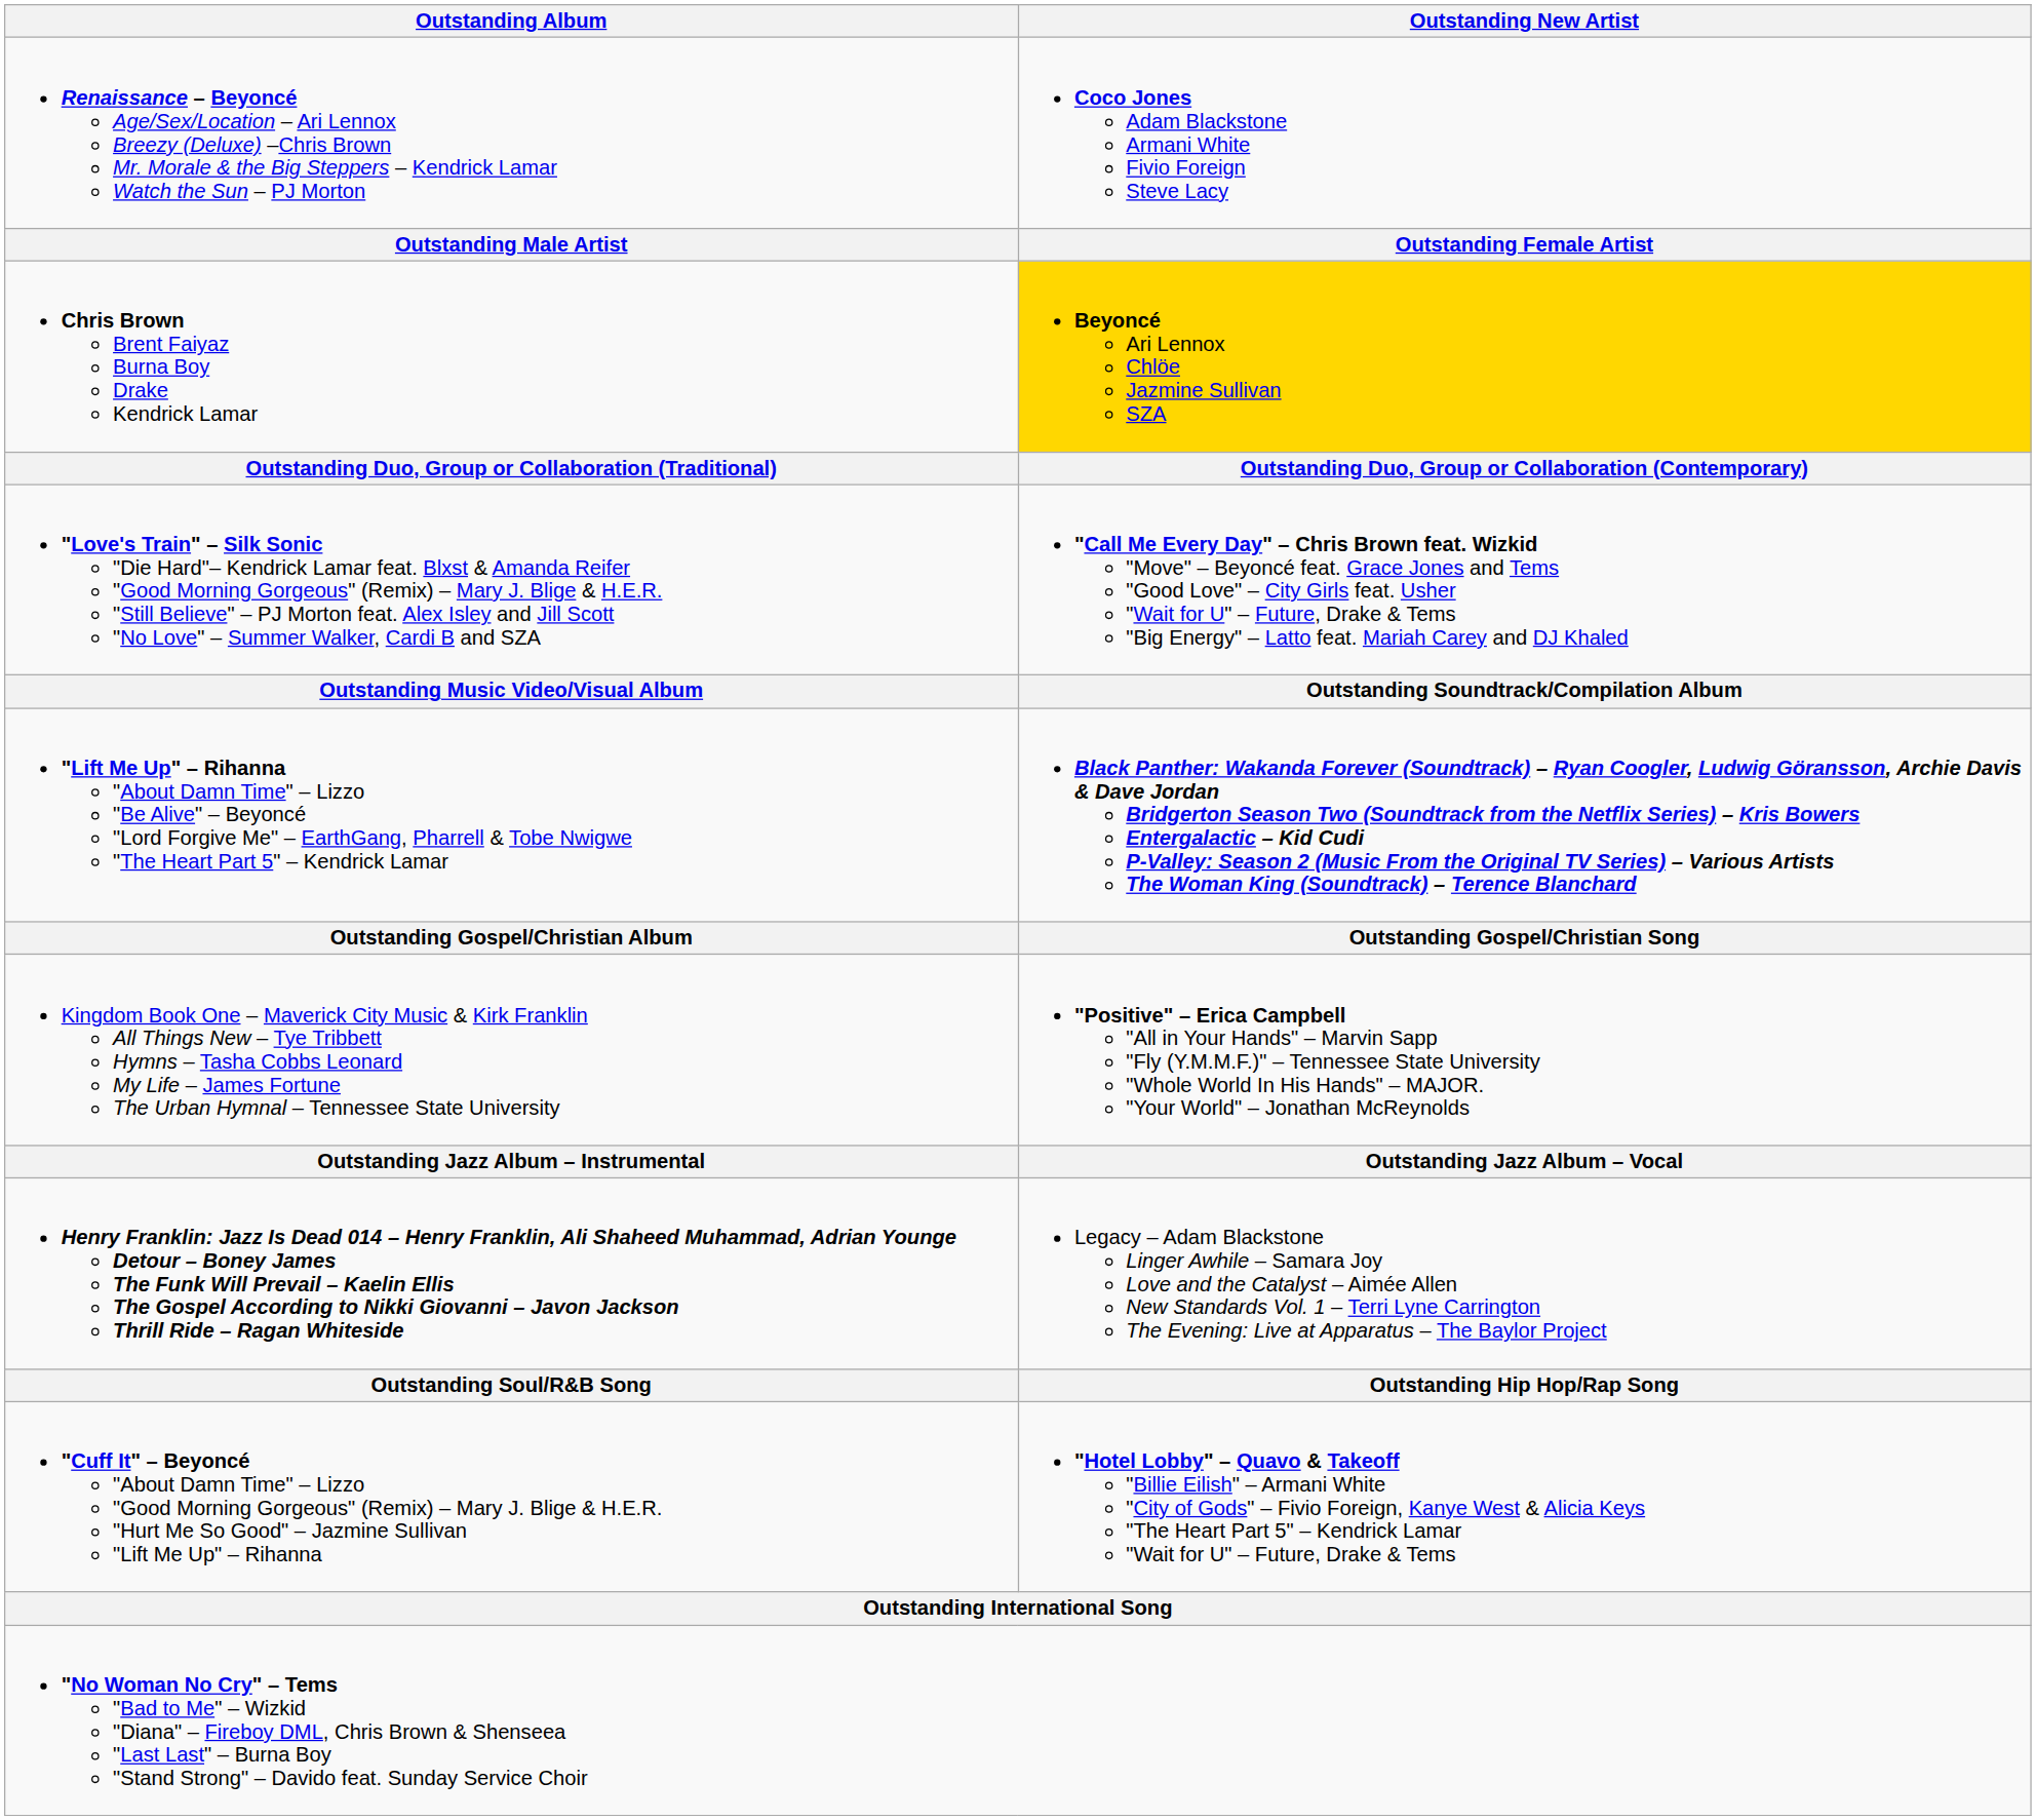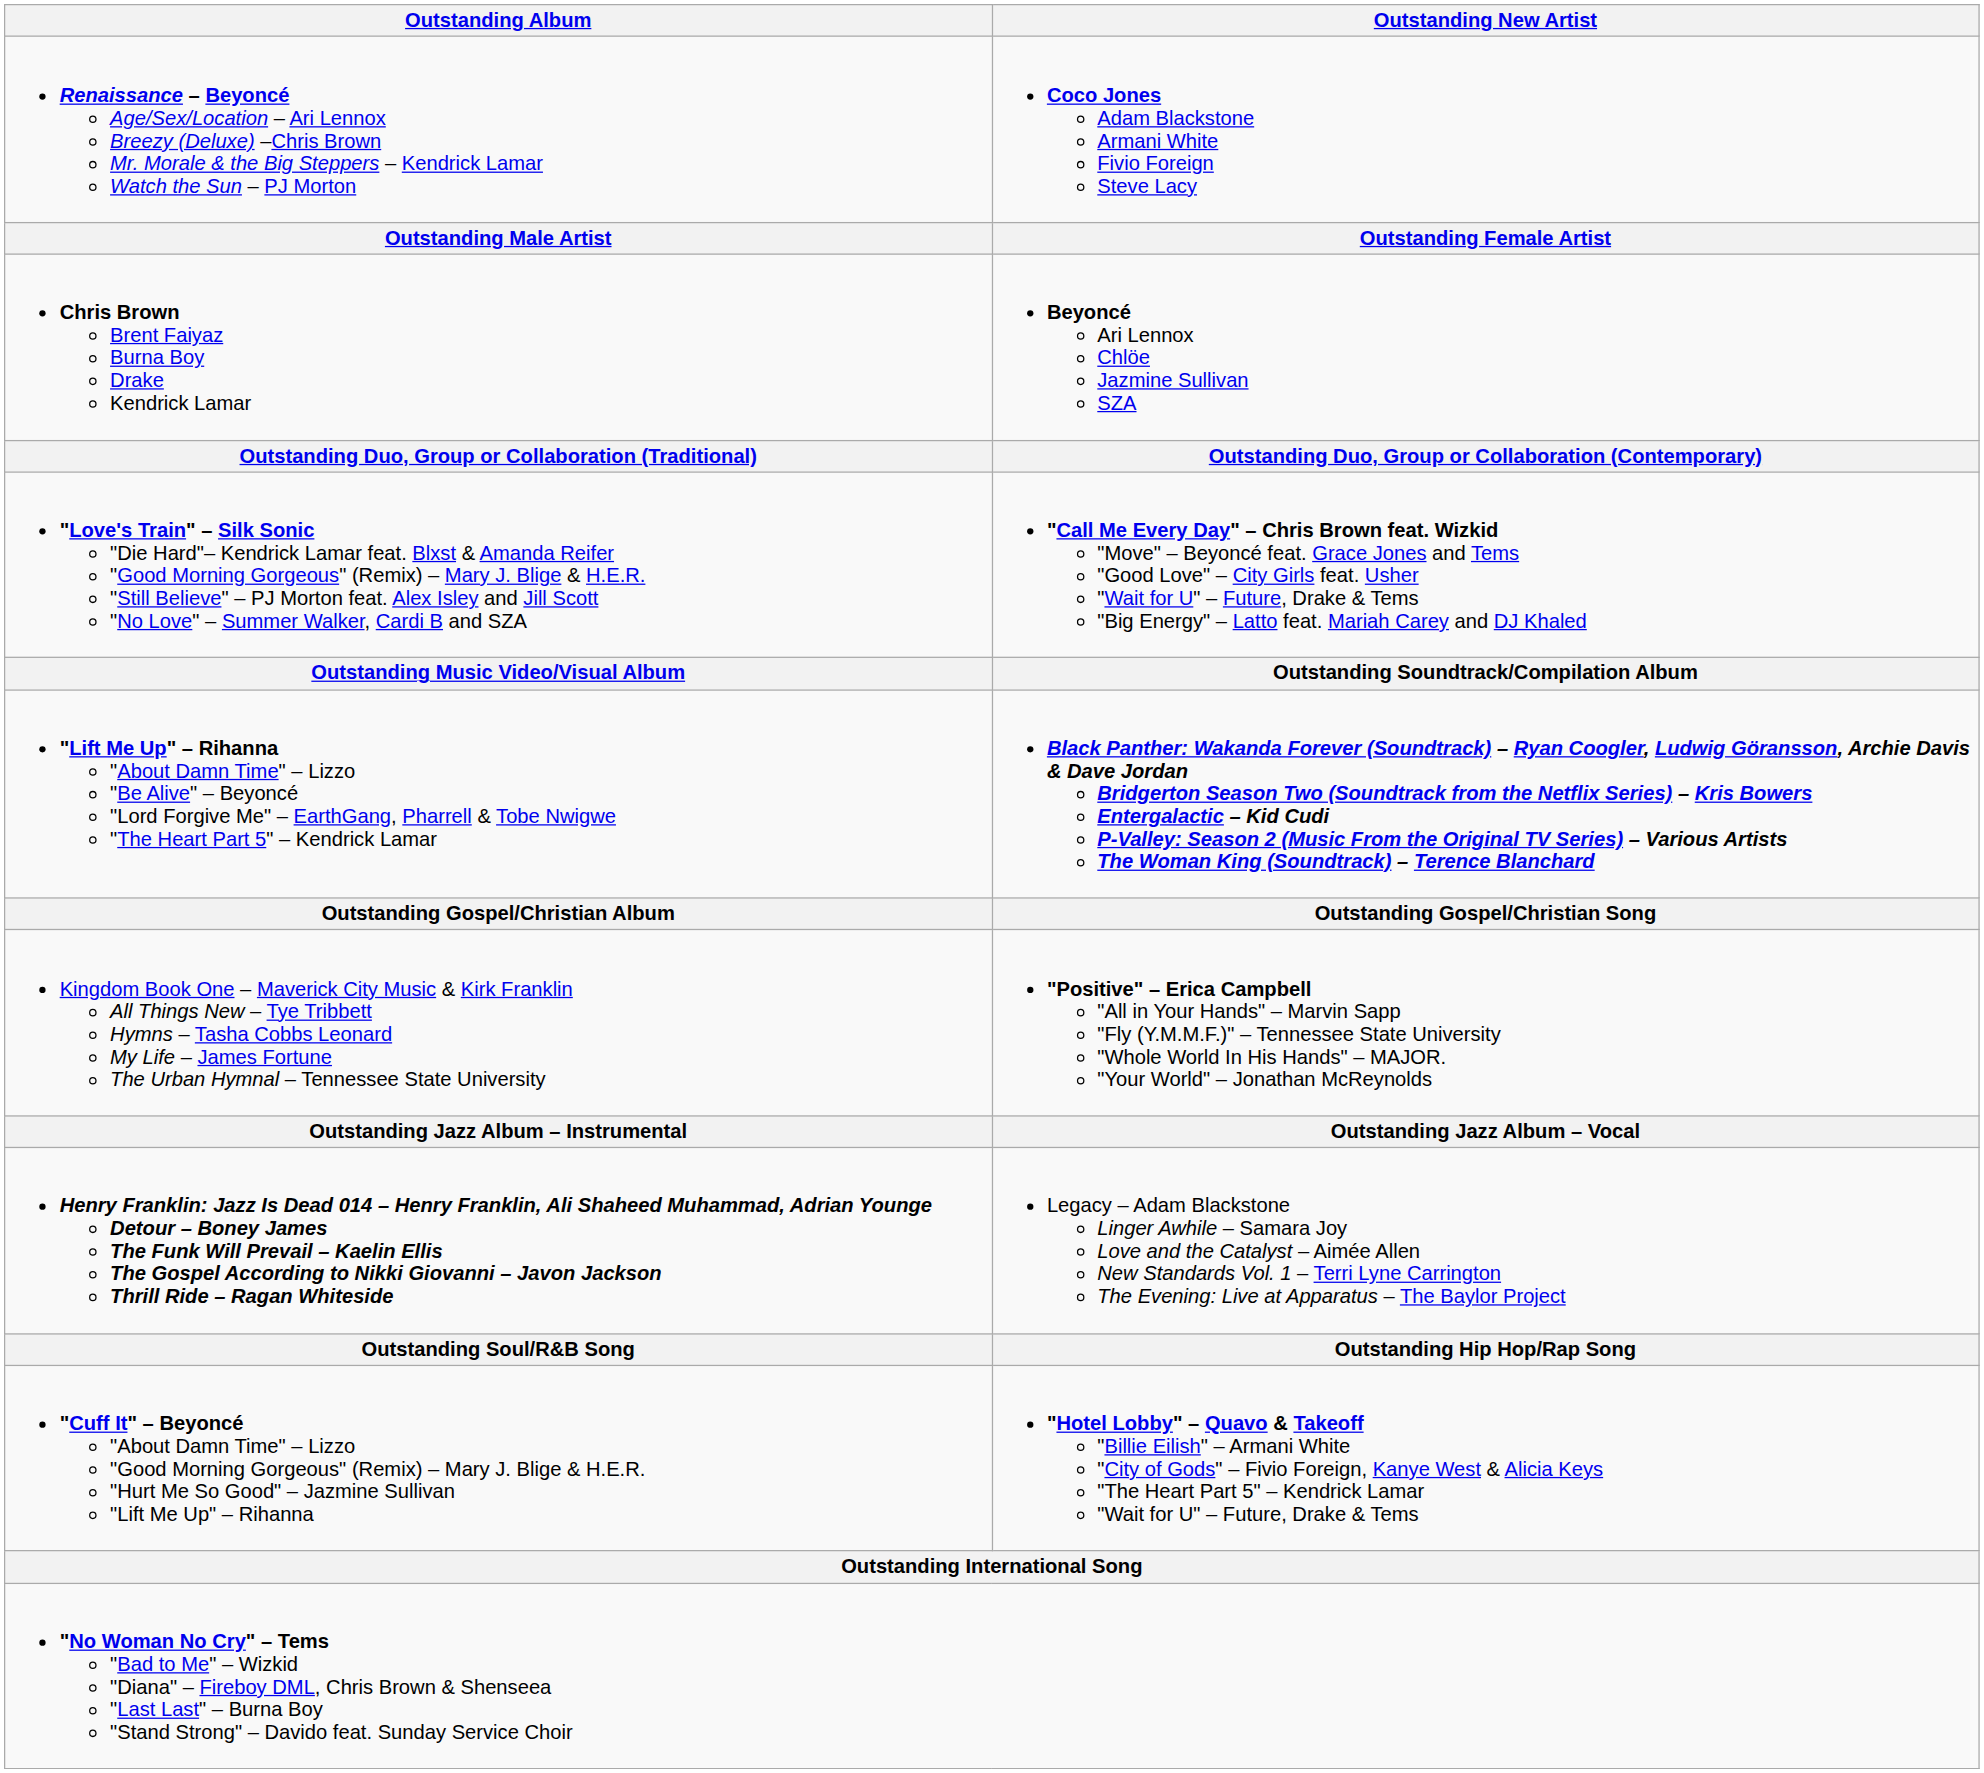 <table class="wikitable">
 <tr>
 <th style="width=50%"><a href='#'>Outstanding Album</a></th>
 <th style="width=50%"><a href='#'>Outstanding New Artist</a></th>
 </tr>
 <tr>
 <td valign="top" width="50%"><br><ul><li><strong><a href='#'><em>Renaissance</em></a> – <a href='#'>Beyoncé</a></strong><ul><li><a href='#'><em>Age/Sex/Location</em></a> – <a href='#'>Ari Lennox</a></li><li><a href='#'><em>Breezy (Deluxe)</em></a> –<a href='#'>Chris Brown</a></li><li><em><a href='#'>Mr. Morale & the Big Steppers</a></em> – <a href='#'>Kendrick Lamar</a></li><li><em><a href='#'>Watch the Sun</a></em> – <a href='#'>PJ Morton</a></li></ul></li></ul></td>
 <td valign="top" width="50%"><br><ul><li><strong><a href='#'>Coco Jones</a></strong><ul><li><a href='#'>Adam Blackstone</a></li><li><a href='#'>Armani White</a></li><li><a href='#'>Fivio Foreign</a></li><li><a href='#'>Steve Lacy</a></li></ul></li></ul></td>
 </tr>
 <tr>
 <th style="width=50%"><a href='#'>Outstanding Male Artist</a></th>
 <th style="width=50%"><a href='#'>Outstanding Female Artist</a></th>
 </tr>
 <tr>
 <td valign="top" width="50%"><br><ul><li><strong>Chris Brown</strong><ul><li><a href='#'>Brent Faiyaz</a></li><li><a href='#'>Burna Boy</a></li><li><a href='#'>Drake</a></li><li>Kendrick Lamar</li></ul></li></ul></td>
-<td valign="top" width="50%" style="background: gold;"><br><ul><li><strong>Beyoncé</strong><ul><li>Ari Lennox</li><li><a href='#'>Chlöe</a></li><li><a href='#'>Jazmine Sullivan</a></li><li><a href='#'>SZA</a></li></ul></li></ul></td>
+<td valign="top" width="50%"><br><ul><li><strong>Beyoncé</strong><ul><li>Ari Lennox</li><li><a href='#'>Chlöe</a></li><li><a href='#'>Jazmine Sullivan</a></li><li><a href='#'>SZA</a></li></ul></li></ul></td>
 </tr>
 <tr>
 <th style="width=50%"><a href='#'>Outstanding Duo, Group or Collaboration (Traditional)</a></th>
 <th style="width=50%"><a href='#'>Outstanding Duo, Group or Collaboration (Contemporary)</a></th>
 </tr>
 <tr>
 <td valign="top" width="50%"><br><ul><li><strong>"<a href='#'>Love's Train</a>" – <a href='#'>Silk Sonic</a></strong><ul><li>"Die Hard"– Kendrick Lamar feat. <a href='#'>Blxst</a> & <a href='#'>Amanda Reifer</a></li><li>"<a href='#'>Good Morning Gorgeous</a>" (Remix) – <a href='#'>Mary J. Blige</a> & <a href='#'>H.E.R.</a></li><li>"<a href='#'>Still Believe</a>" – PJ Morton feat. <a href='#'>Alex Isley</a> and <a href='#'>Jill Scott</a></li><li>"<a href='#'>No Love</a>" – <a href='#'>Summer Walker</a>, <a href='#'>Cardi B</a> and SZA</li></ul></li></ul></td>
 <td valign="top" width="50%"><br><ul><li><strong>"<a href='#'>Call Me Every Day</a>" – Chris Brown feat. Wizkid</strong><ul><li>"Move" – Beyoncé feat. <a href='#'>Grace Jones</a> and <a href='#'>Tems</a></li><li>"Good Love" – <a href='#'>City Girls</a> feat. <a href='#'>Usher</a></li><li>"<a href='#'>Wait for U</a>" – <a href='#'>Future</a>, Drake & Tems</li><li>"Big Energy" – <a href='#'>Latto</a> feat. <a href='#'>Mariah Carey</a> and <a href='#'>DJ Khaled</a></li></ul></li></ul></td>
 </tr>
 <tr>
 <th style="width=50%"><a href='#'>Outstanding Music Video/Visual Album</a></th>
 <th style="width=50%">Outstanding Soundtrack/Compilation Album</th>
 </tr>
 <tr>
 <td valign="top" width="50%"><br><ul><li><strong>"<a href='#'>Lift Me Up</a>" – Rihanna</strong><ul><li>"<a href='#'>About Damn Time</a>" – Lizzo</li><li>"<a href='#'>Be Alive</a>" – Beyoncé</li><li>"Lord Forgive Me" – <a href='#'>EarthGang</a>, <a href='#'>Pharrell</a> & <a href='#'>Tobe Nwigwe</a></li><li>"<a href='#'>The Heart Part 5</a>" – Kendrick Lamar</li></ul></li></ul></td>
 <td valign="top" width="50%"><br><ul><li><strong><em><a href='#'>Black Panther: Wakanda Forever (Soundtrack)</a><em> – <a href='#'>Ryan Coogler</a>, <a href='#'>Ludwig Göransson</a>, Archie Davis & Dave Jordan<strong><ul><li></em><a href='#'>Bridgerton Season Two (Soundtrack from the Netflix Series)</a><em> – <a href='#'>Kris Bowers</a></li><li></em><a href='#'>Entergalactic</a><em> – Kid Cudi</li><li></em><a href='#'>P-Valley: Season 2 (Music From the Original TV Series)</a><em> – Various Artists</li><li></em><a href='#'>The Woman King (Soundtrack)</a><em> – <a href='#'>Terence Blanchard</a></li></ul></li></ul></td>
 </tr>
 <tr>
 <th style="width=50%">Outstanding Gospel/Christian Album</th>
 <th style="width=50%">Outstanding Gospel/Christian Song</th>
 </tr>
 <tr>
 <td valign="top" width="50%"><br><ul><li></em></strong><a href='#'>Kingdom Book One</a></em> – <a href='#'>Maverick City Music</a> & <a href='#'>Kirk Franklin</a></strong><ul><li><em>All Things New</em> – <a href='#'>Tye Tribbett</a></li><li><em>Hymns</em> – <a href='#'>Tasha Cobbs Leonard</a></li><li><em>My Life</em> – <a href='#'>James Fortune</a></li><li><em>The Urban Hymnal</em> – Tennessee State University</li></ul></li></ul></td>
 <td valign="top" width="50%"><br><ul><li><strong>"Positive" – Erica Campbell</strong><ul><li>"All in Your Hands" – Marvin Sapp</li><li>"Fly (Y.M.M.F.)" – Tennessee State University</li><li>"Whole World In His Hands" – MAJOR.</li><li>"Your World" – Jonathan McReynolds</li></ul></li></ul></td>
 </tr>
 <tr>
 <th style="width=50%">Outstanding Jazz Album – Instrumental</th>
 <th style="width=50%">Outstanding Jazz Album – Vocal</th>
 </tr>
 <tr>
 <td valign="top" width="50%"><br><ul><li><strong><em>Henry Franklin: Jazz Is Dead 014<em> – Henry Franklin, Ali Shaheed Muhammad, Adrian Younge<strong><ul><li></em>Detour<em> – Boney James</li><li></em>The Funk Will Prevail<em> – Kaelin Ellis</li><li></em>The Gospel According to Nikki Giovanni<em> – Javon Jackson</li><li></em>Thrill Ride<em> – Ragan Whiteside</li></ul></li></ul></td>
 <td valign="top" width="50%"><br><ul><li></em></strong>Legacy</em> – Adam Blackstone</strong><ul><li><em>Linger Awhile</em> – Samara Joy</li><li><em>Love and the Catalyst</em> – Aimée Allen</li><li><em>New Standards Vol. 1</em> – <a href='#'>Terri Lyne Carrington</a></li><li><em>The Evening: Live at Apparatus</em> – <a href='#'>The Baylor Project</a></li></ul></li></ul></td>
 </tr>
 <tr>
 <th style="width=50%">Outstanding Soul/R&B Song</th>
 <th style="width=50%">Outstanding Hip Hop/Rap Song</th>
 </tr>
 <tr>
 <td valign="top" width="50%"><br><ul><li><strong>"<a href='#'>Cuff It</a>" – Beyoncé</strong><ul><li>"About Damn Time" – Lizzo</li><li>"Good Morning Gorgeous" (Remix) – Mary J. Blige & H.E.R.</li><li>"Hurt Me So Good" – Jazmine Sullivan</li><li>"Lift Me Up" – Rihanna</li></ul></li></ul></td>
 <td valign="top" width="50%"><br><ul><li><strong>"<a href='#'>Hotel Lobby</a>" – <a href='#'>Quavo</a> & <a href='#'>Takeoff</a></strong><ul><li>"<a href='#'>Billie Eilish</a>" – Armani White</li><li>"<a href='#'>City of Gods</a>" – Fivio Foreign, <a href='#'>Kanye West</a> & <a href='#'>Alicia Keys</a></li><li>"The Heart Part 5" – Kendrick Lamar</li><li>"Wait for U" – Future, Drake & Tems</li></ul></li></ul></td>
 </tr>
 <tr>
 <th colspan="2" style="width=50%">Outstanding International Song</th>
 </tr>
 <tr>
 <td colspan="2" valign="top" width="50%"><br><ul><li><strong>"<a href='#'>No Woman No Cry</a>" – Tems</strong><ul><li>"<a href='#'>Bad to Me</a>" – Wizkid</li><li>"Diana" – <a href='#'>Fireboy DML</a>, Chris Brown & Shenseea</li><li>"<a href='#'>Last Last</a>" – Burna Boy</li><li>"Stand Strong" – Davido feat. Sunday Service Choir</li></ul></li></ul></td>
 </tr>
 </table>
